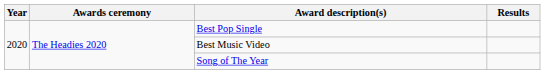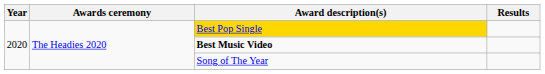 <table class="wikitable">
 <tr>
 <th>Year</th>
 <th width="250">Awards ceremony</th>
 <th width="450">Award description(s)</th>
 <th width="75">Results</th>
 </tr>
 <tr>
 <td rowspan="3">2020</td>
 <td rowspan="3"><a href='#'>The Headies 2020</a></td>
-<td><a href='#'>Best Pop Single</a></td>
+<td style="background: gold;"><a href='#'>Best Pop Single</a></td>
 <td></td>
 </tr>
 <tr>
-<td>Best Music Video</td>
+<td><strong>Best Music Video</strong></td>
 <td></td>
 </tr>
 <tr>
 <td><a href='#'>Song of The Year</a></td>
 <td></td>
 </tr>
 </table>
